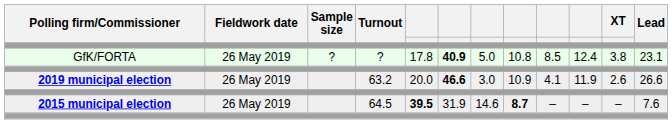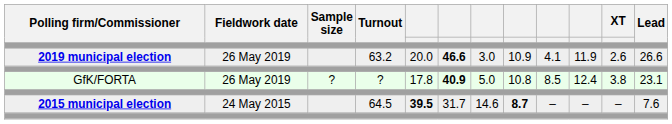 <table class="wikitable collapsible collapsed" style="text-align:center; font-size:95%; line-height:16px;">
 <tr style="height:42px;">
 <th style="width:250px;" rowspan="2">Polling firm/Commissioner</th>
 <th style="width:125px;" rowspan="2">Fieldwork date</th>
 <th style="width:50px;" rowspan="2">Sample size</th>
 <th style="width:45px;" rowspan="2">Turnout</th>
 <th style="width:35px;"></th>
 <th style="width:35px;"></th>
 <th style="width:35px;"></th>
 <th style="width:35px;"></th>
 <th style="width:35px;"></th>
 <th style="width:35px;"></th>
 <th style="width:35px;">XT</th>
 <th style="width:30px;" rowspan="2">Lead</th>
 </tr>
 <tr>
 <th style="color:inherit;background:"></th>
 <th style="color:inherit;background:"></th>
 <th style="color:inherit;background:"></th>
 <th style="color:inherit;background:"></th>
 <th style="color:inherit;background:"></th>
 <th style="color:inherit;background:"></th>
 <th style="color:inherit;background:"></th>
 </tr>
 <tr>
 <td colspan="12" style="background:#A0A0A0"></td>
 </tr>
+<tr style="background:#EFEFEF;">
+<td><strong><a href='#'>2019 municipal election</a></strong></td>
+<td>26 May 2019</td>
+<td></td>
+<td>63.2</td>
+<td>20.0<br></td>
+<td><strong>46.6</strong><br></td>
+<td>3.0<br></td>
+<td>10.9<br></td>
+<td>4.1<br></td>
+<td>11.9<br></td>
+<td>2.6<br></td>
+<td style="background:">26.6</td>
+</tr>
+<tr>
+<td colspan="12" style="background:#A0A0A0"></td>
+</tr>
 <tr style="background:#EAFFEA;">
 <td>GfK/FORTA</td>
 <td>26 May 2019</td>
 <td>?</td>
 <td>?</td>
 <td>17.8<br></td>
 <td><strong>40.9</strong><br></td>
 <td>5.0<br></td>
 <td>10.8<br></td>
 <td>8.5<br></td>
 <td>12.4<br></td>
 <td>3.8<br></td>
 <td style="background:">23.1</td>
 </tr>
 <tr>
 <td colspan="12" style="background:#A0A0A0"></td>
 </tr>
 <tr style="background:#EFEFEF;">
-<td><strong><a href='#'>2019 municipal election</a></strong></td>
-<td>26 May 2019</td>
-<td></td>
-<td>63.2</td>
-<td>20.0<br></td>
-<td><strong>46.6</strong><br></td>
-<td>3.0<br></td>
-<td>10.9<br></td>
-<td>4.1<br></td>
-<td>11.9<br></td>
-<td>2.6<br></td>
-<td style="background:">26.6</td>
-</tr>
-<tr>
-<td colspan="12" style="background:#A0A0A0"></td>
-</tr>
-<tr style="background:#EFEFEF;">
 <td><strong><a href='#'>2015 municipal election</a></strong></td>
-<td>26 May 2019</td>
+<td>24 May 2015</td>
 <td></td>
 <td>64.5</td>
 <td><strong>39.5</strong><br></td>
-<td>31.9<br></td>
+<td>31.7<br></td>
 <td>14.6<br></td>
 <td><strong>8.7<br></strong></td>
 <td>–</td>
 <td>–</td>
 <td>–</td>
 <td style="background:">7.6</td>
 </tr>
 <tr>
 <td colspan="12" style="background:#A0A0A0"></td>
 </tr>
 </table>
